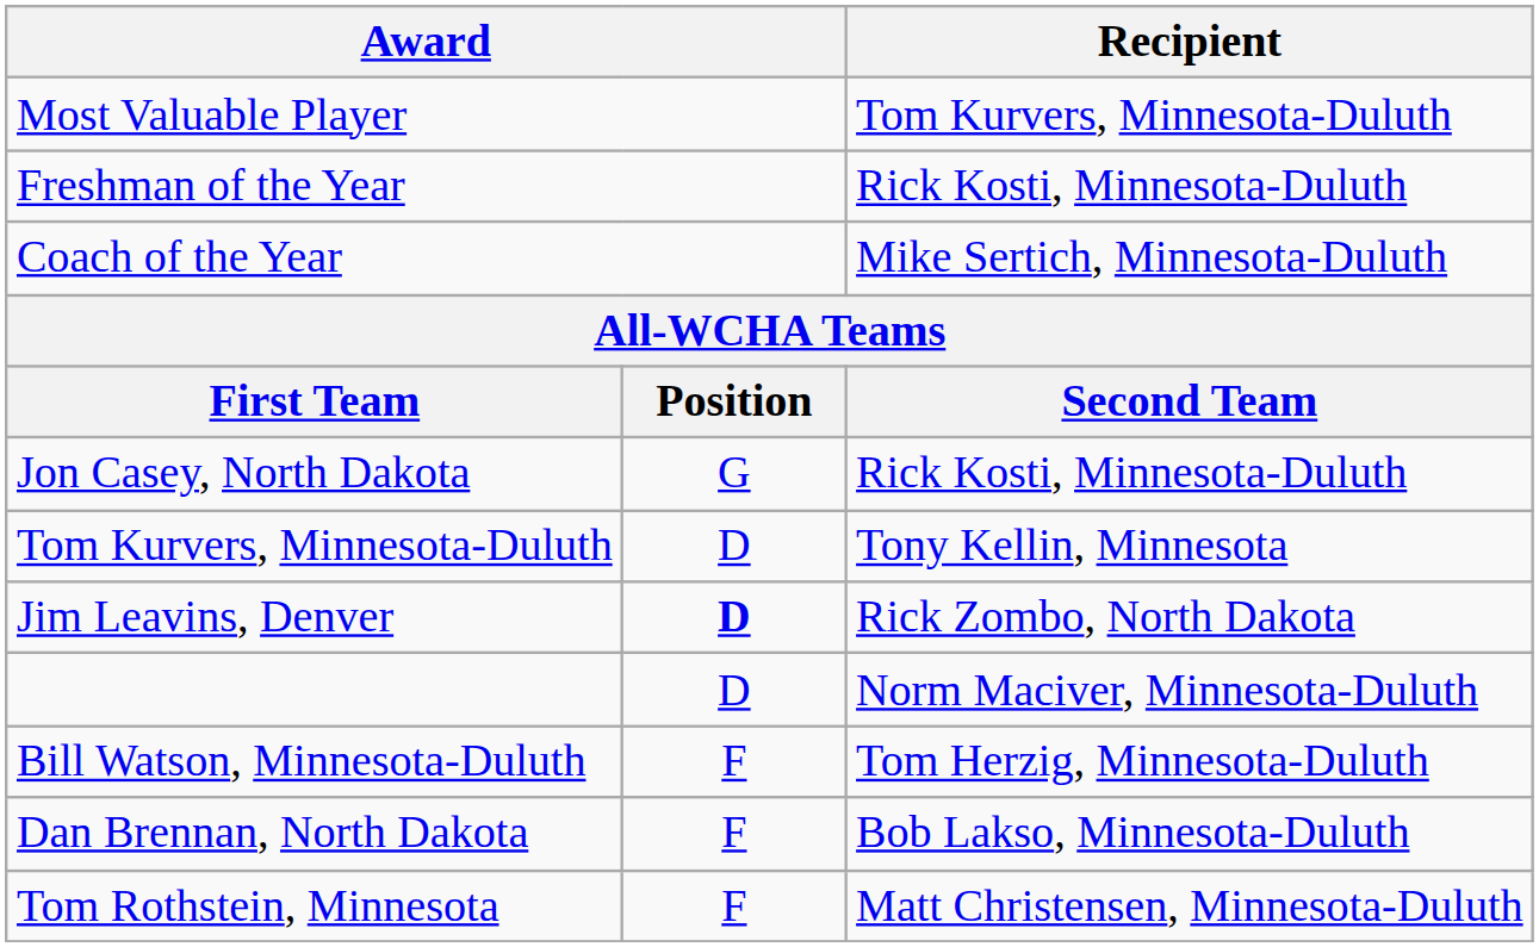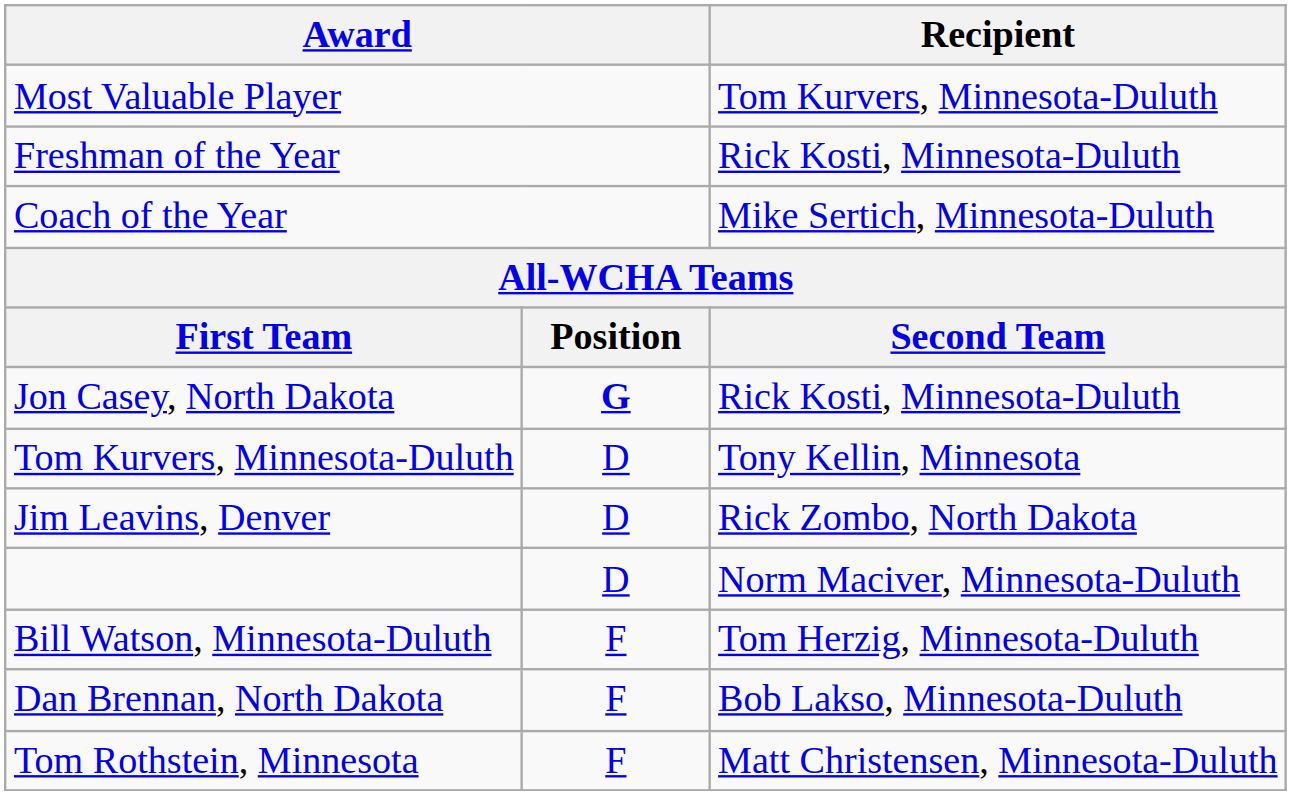 <table class="wikitable">
 <tr>
 <th colspan=2><a href='#'>Award</a></th>
 <th>Recipient</th>
 </tr>
 <tr>
 <td colspan=2><a href='#'>Most Valuable Player</a></td>
 <td><a href='#'>Tom Kurvers</a>, <a href='#'>Minnesota-Duluth</a></td>
 </tr>
 <tr>
 <td colspan=2><a href='#'>Freshman of the Year</a></td>
 <td><a href='#'>Rick Kosti</a>, <a href='#'>Minnesota-Duluth</a></td>
 </tr>
 <tr>
 <td colspan=2><a href='#'>Coach of the Year</a></td>
 <td><a href='#'>Mike Sertich</a>, <a href='#'>Minnesota-Duluth</a></td>
 </tr>
 <tr>
 <th colspan=3><a href='#'>All-WCHA Teams</a></th>
 </tr>
 <tr>
 <th><a href='#'>First Team</a></th>
 <th>  Position  </th>
 <th><a href='#'>Second Team</a></th>
 </tr>
 <tr>
 <td><a href='#'>Jon Casey</a>, <a href='#'>North Dakota</a></td>
-<td align=center><a href='#'>G</a></td>
+<td align=center><strong><a href='#'>G</a></strong></td>
 <td><a href='#'>Rick Kosti</a>, <a href='#'>Minnesota-Duluth</a></td>
 </tr>
 <tr>
 <td><a href='#'>Tom Kurvers</a>, <a href='#'>Minnesota-Duluth</a></td>
 <td align=center><a href='#'>D</a></td>
 <td><a href='#'>Tony Kellin</a>, <a href='#'>Minnesota</a></td>
 </tr>
 <tr>
 <td><a href='#'>Jim Leavins</a>, <a href='#'>Denver</a></td>
-<td align=center><strong><a href='#'>D</a></strong></td>
+<td align=center><a href='#'>D</a></td>
 <td><a href='#'>Rick Zombo</a>, <a href='#'>North Dakota</a></td>
 </tr>
 <tr>
 <td></td>
 <td align=center><a href='#'>D</a></td>
 <td><a href='#'>Norm Maciver</a>, <a href='#'>Minnesota-Duluth</a></td>
 </tr>
 <tr>
 <td><a href='#'>Bill Watson</a>, <a href='#'>Minnesota-Duluth</a></td>
 <td align=center><a href='#'>F</a></td>
 <td><a href='#'>Tom Herzig</a>, <a href='#'>Minnesota-Duluth</a></td>
 </tr>
 <tr>
 <td><a href='#'>Dan Brennan</a>, <a href='#'>North Dakota</a></td>
 <td align=center><a href='#'>F</a></td>
 <td><a href='#'>Bob Lakso</a>, <a href='#'>Minnesota-Duluth</a></td>
 </tr>
 <tr>
 <td><a href='#'>Tom Rothstein</a>, <a href='#'>Minnesota</a></td>
 <td align=center><a href='#'>F</a></td>
 <td><a href='#'>Matt Christensen</a>, <a href='#'>Minnesota-Duluth</a></td>
 </tr>
 <tr>
 </tr>
 </table>
